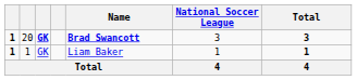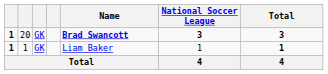 <table class="wikitable" style="text-align:center">
 <tr>
 <th width=15></th>
 <th width=15></th>
 <th width=15></th>
 <th width=15></th>
 <th width=145>Name</th>
 <th width=120><a href='#'>National Soccer League</a></th>
 <th width=120>Total</th>
 </tr>
 <tr>
 <td><strong>1</strong></td>
 <td>20</td>
-<td><strong><a href='#'>GK</a></strong></td>
+<td><a href='#'>GK</a></td>
 <td></td>
 <td align=left><strong><a href='#'>Brad Swancott</a></strong></td>
-<td>3</td>
+<td><strong>3</strong></td>
 <td><strong>3</strong></td>
 </tr>
 <tr>
 <td><strong>1</strong></td>
 <td>1</td>
 <td><a href='#'>GK</a></td>
 <td></td>
 <td align=left><a href='#'>Liam Baker</a></td>
 <td>1</td>
 <td><strong>1</strong></td>
 </tr>
 <tr>
 <th colspan="5"><strong>Total</strong></th>
 <th>4</th>
 <th>4</th>
 </tr>
 </table>
